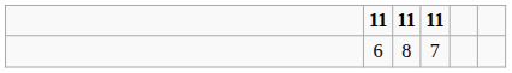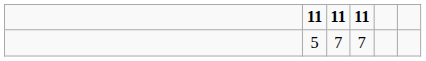 <table class="wikitable">
 <tr>
 <td style="width:18em"><strong></strong></td>
 <td align=center style="width:1em"><strong>11</strong></td>
 <td align=center style="width:1em"><strong>11</strong></td>
 <td align=center style="width:1em"><strong>11</strong></td>
 <td align=center style="width:1em"></td>
 <td align=center style="width:1em"></td>
 </tr>
 <tr>
 <td style="width:18em"></td>
-<td align=center style="width:1em">6</td>
-<td align=center style="width:1em">8</td>
+<td align=center style="width:1em">5</td>
+<td align=center style="width:1em">7</td>
 <td align=center style="width:1em">7</td>
 <td align=center style="width:1em"></td>
 <td align=center style="width:1em"></td>
 </tr>
 </table>
